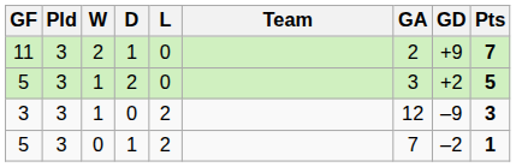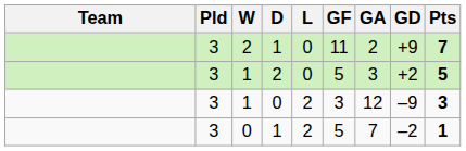 <table class="wikitable" style="text-align: center;">
 <tr>
-<th width=20>GF</th>
+<th width=165>Team</th>
 <th width=20>Pld</th>
 <th width=20>W</th>
 <th width=20>D</th>
 <th width=20>L</th>
-<th width=165>Team</th>
+<th width=20>GF</th>
 <th width=20>GA</th>
 <th width=20>GD</th>
 <th width=20>Pts</th>
 </tr>
 <tr bgcolor="#D0F0C0">
-<td>11</td>
+<td align="left"></td>
 <td>3</td>
 <td>2</td>
 <td>1</td>
 <td>0</td>
-<td align="left"></td>
+<td>11</td>
 <td>2</td>
 <td>+9</td>
 <td><strong>7</strong></td>
 </tr>
 <tr bgcolor="#D0F0C0">
-<td>5</td>
+<td align="left"></td>
 <td>3</td>
 <td>1</td>
 <td>2</td>
 <td>0</td>
-<td align="left"></td>
+<td>5</td>
 <td>3</td>
 <td>+2</td>
 <td><strong>5</strong></td>
 </tr>
 <tr>
-<td>3</td>
+<td align="left"></td>
 <td>3</td>
 <td>1</td>
 <td>0</td>
 <td>2</td>
-<td align="left"></td>
+<td>3</td>
 <td>12</td>
 <td>–9</td>
 <td><strong>3</strong></td>
 </tr>
 <tr>
-<td>5</td>
+<td align="left"></td>
 <td>3</td>
 <td>0</td>
 <td>1</td>
 <td>2</td>
-<td align="left"></td>
+<td>5</td>
 <td>7</td>
 <td>–2</td>
 <td><strong>1</strong></td>
 </tr>
 </table>
